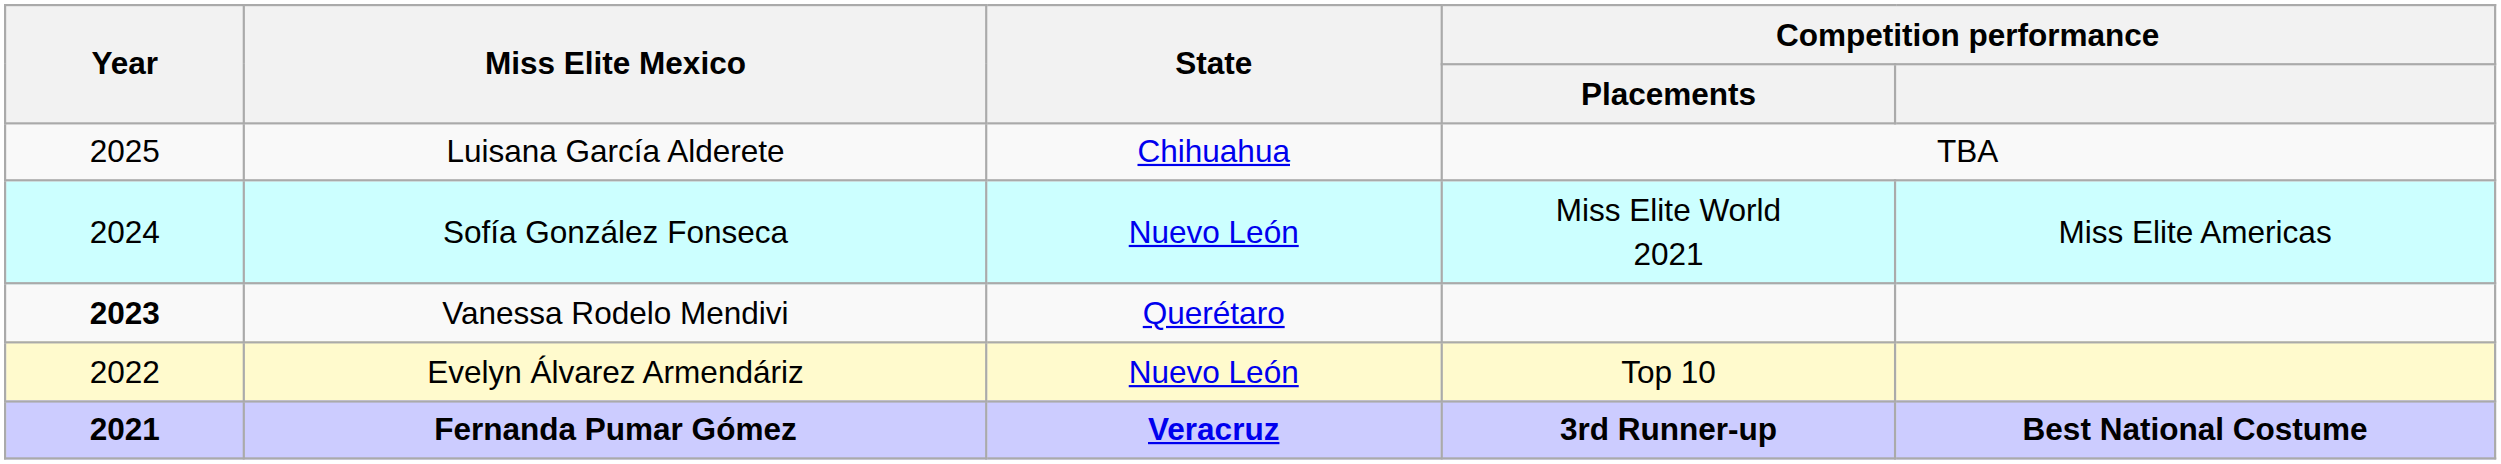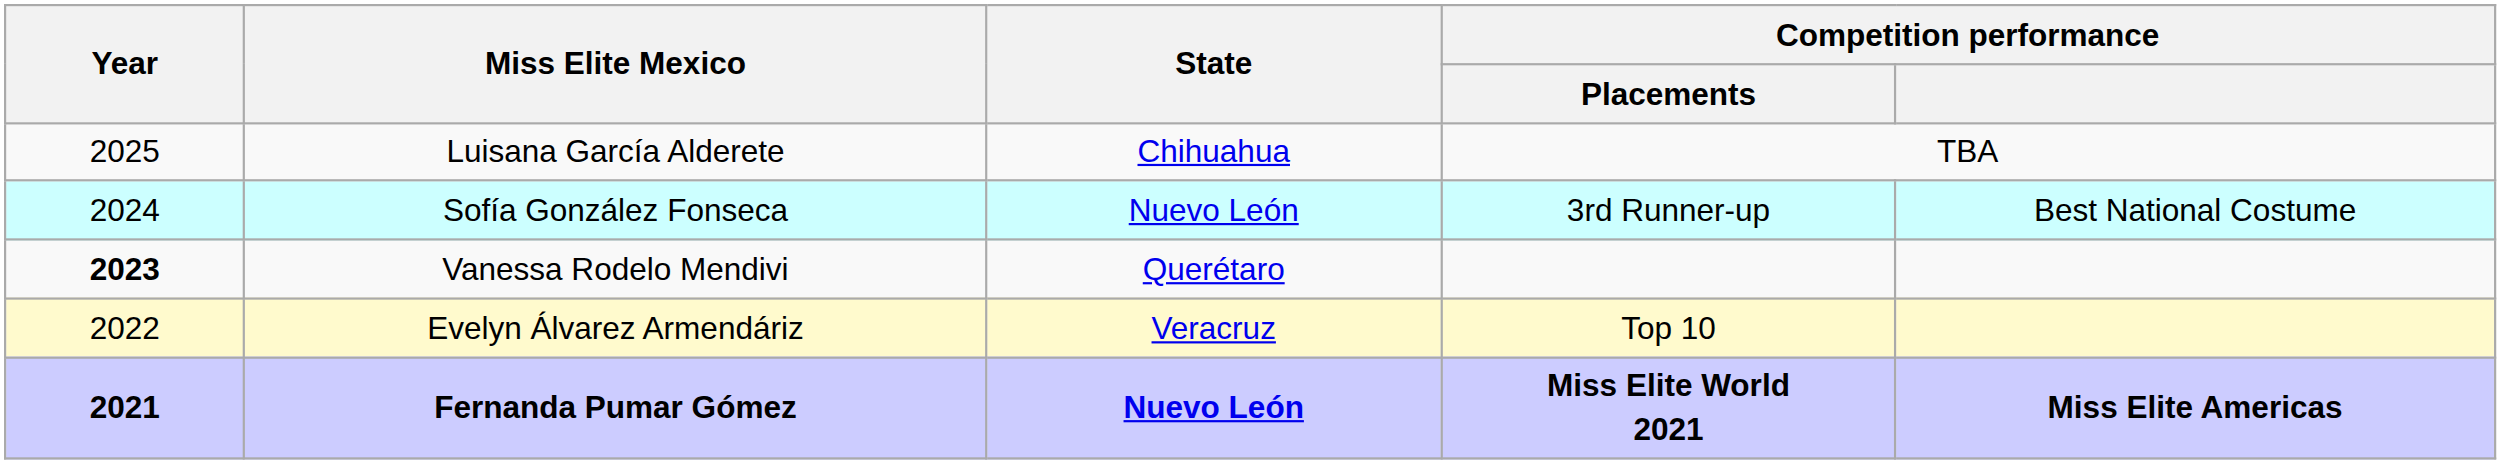 <table class="wikitable" style="text-align:center; line-height:20px; font-size:90%; width:90%;">
 <tr>
 <th rowspan="2"  width=60px>Year</th>
 <th rowspan="2"  width=200px>Miss Elite Mexico</th>
 <th rowspan="2"  width=120px>State</th>
 <th colspan="2"  width=200px>Competition performance</th>
 </tr>
 <tr>
 <th width=120px>Placements</th>
 <th width=160px></th>
 </tr>
 <tr>
 <td>2025</td>
 <td>Luisana García Alderete</td>
 <td><a href='#'>Chihuahua</a></td>
 <td colspan=2>TBA</td>
 </tr>
 <tr style="background-color:#ccffff">
 <td>2024</td>
 <td>Sofía González Fonseca</td>
 <td><a href='#'>Nuevo León</a></td>
-<td>Miss Elite World<br>2021</td>
-<td>Miss Elite Americas</td>
+<td>3rd Runner-up</td>
+<td>Best National Costume</td>
 </tr>
 <tr>
 <td><strong>2023</strong></td>
 <td>Vanessa Rodelo Mendivi</td>
 <td><a href='#'>Querétaro</a></td>
 <td></td>
 <td></td>
 </tr>
 <tr style="background-color:#FFFACD">
 <td>2022</td>
 <td>Evelyn Álvarez Armendáriz</td>
-<td><a href='#'>Nuevo León</a></td>
+<td><a href='#'>Veracruz</a></td>
 <td>Top 10</td>
 <td></td>
 </tr>
 <tr style="background-color:#ccccff; font-weight: bold">
 <td>2021</td>
 <td>Fernanda Pumar Gómez</td>
-<td><a href='#'>Veracruz</a></td>
-<td>3rd Runner-up</td>
-<td>Best National Costume</td>
+<td><a href='#'>Nuevo León</a></td>
+<td>Miss Elite World<br>2021</td>
+<td>Miss Elite Americas</td>
 </tr>
 </table>
